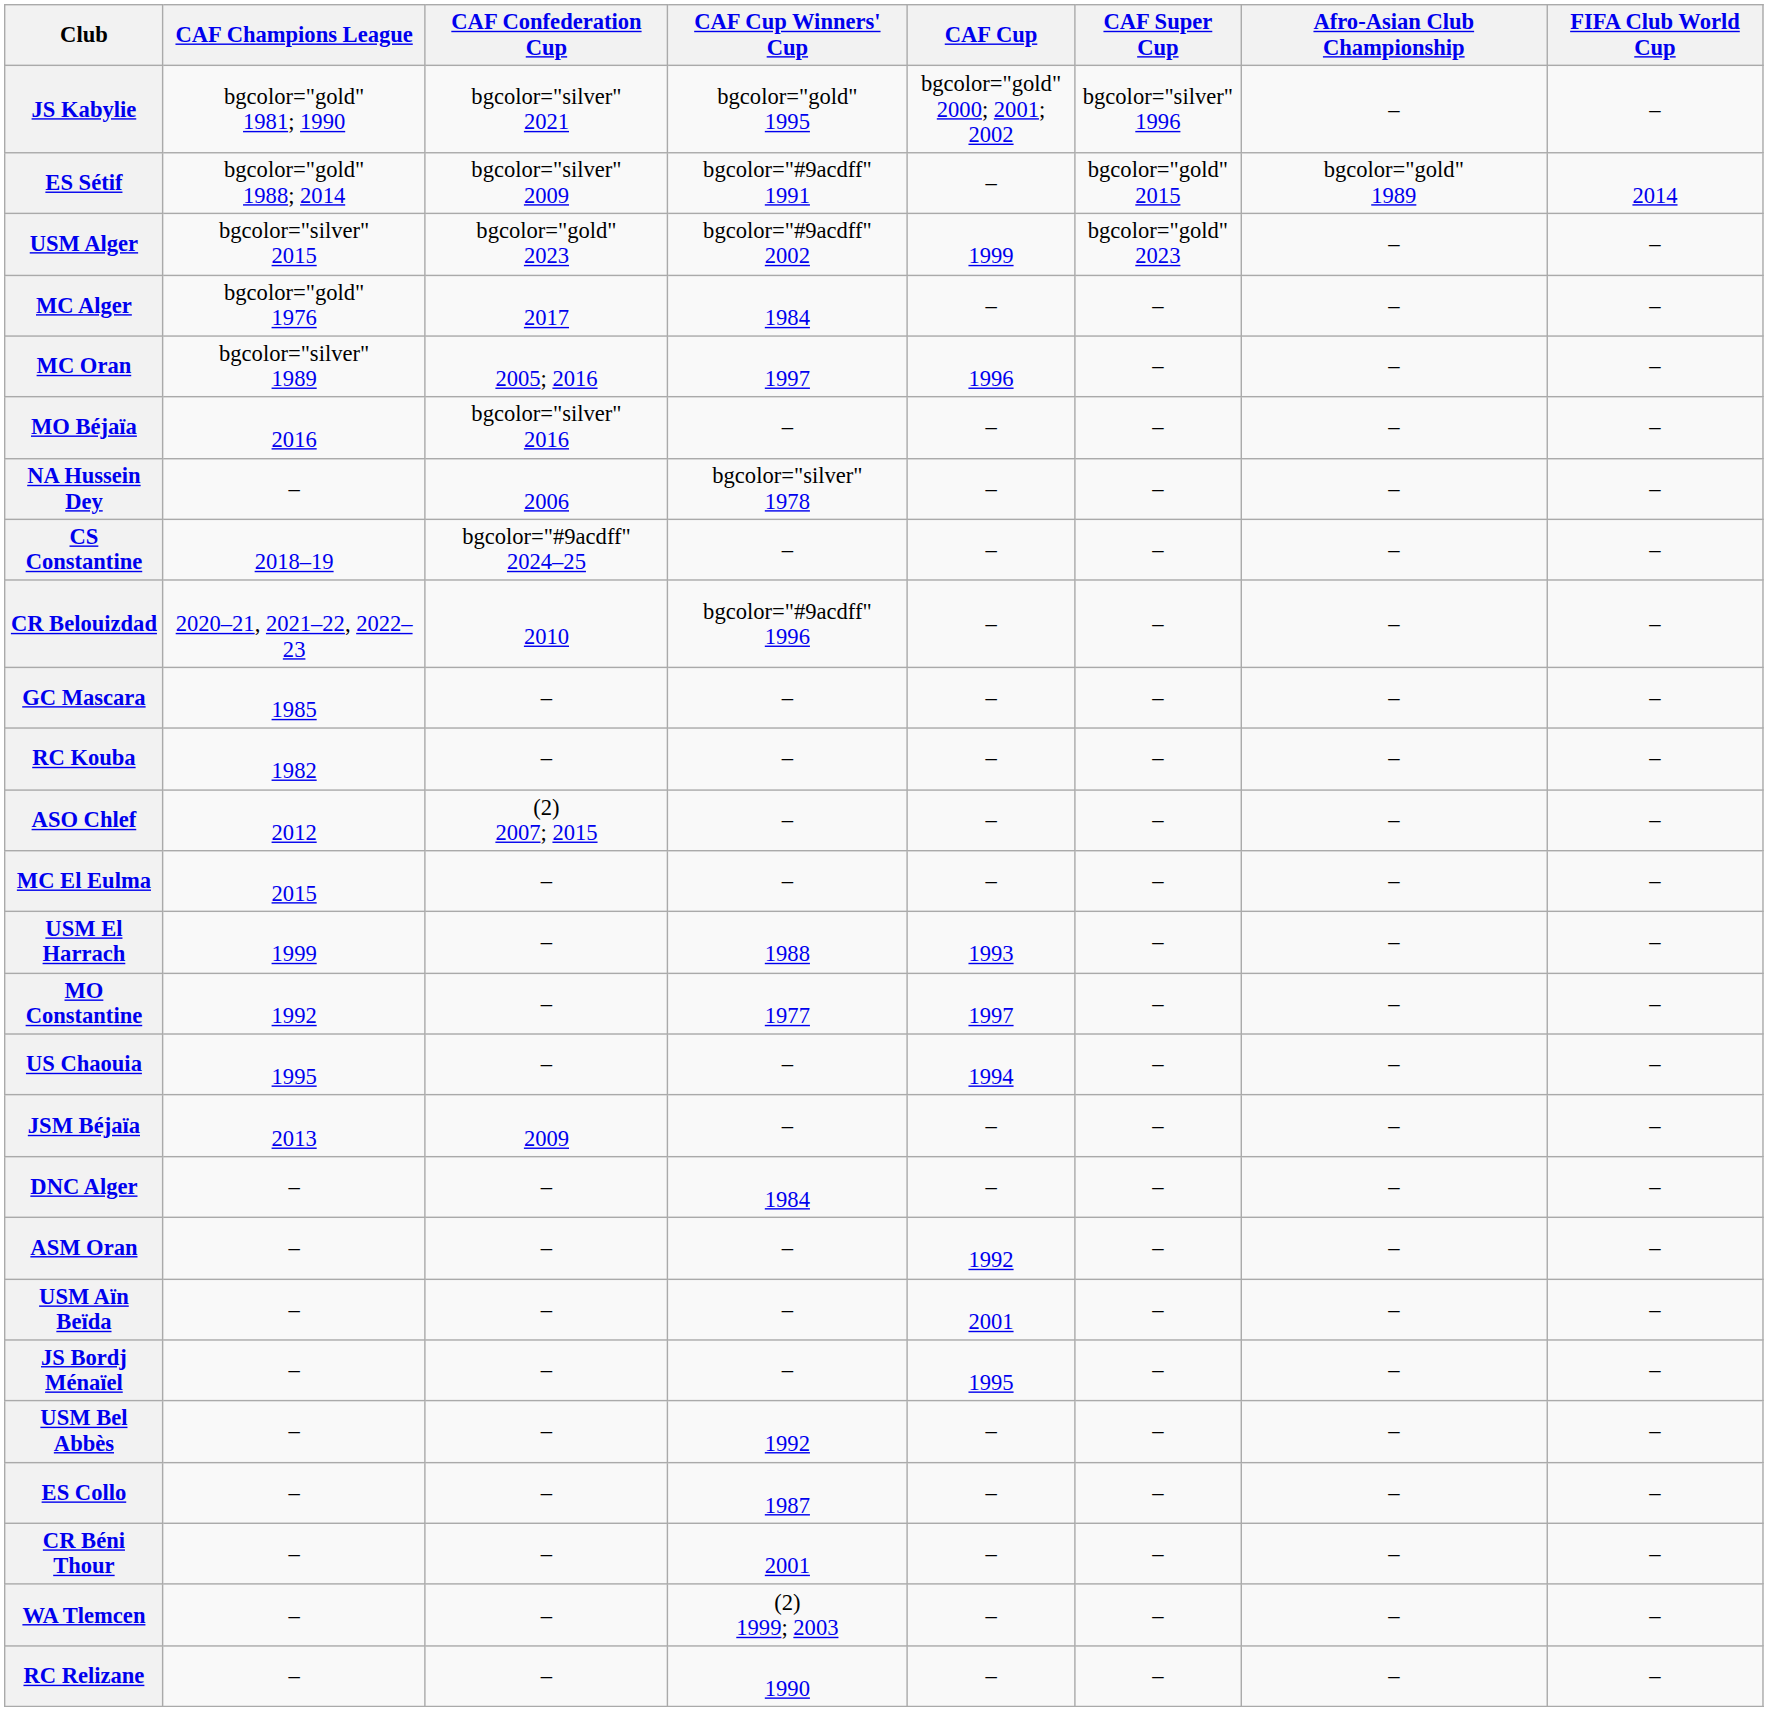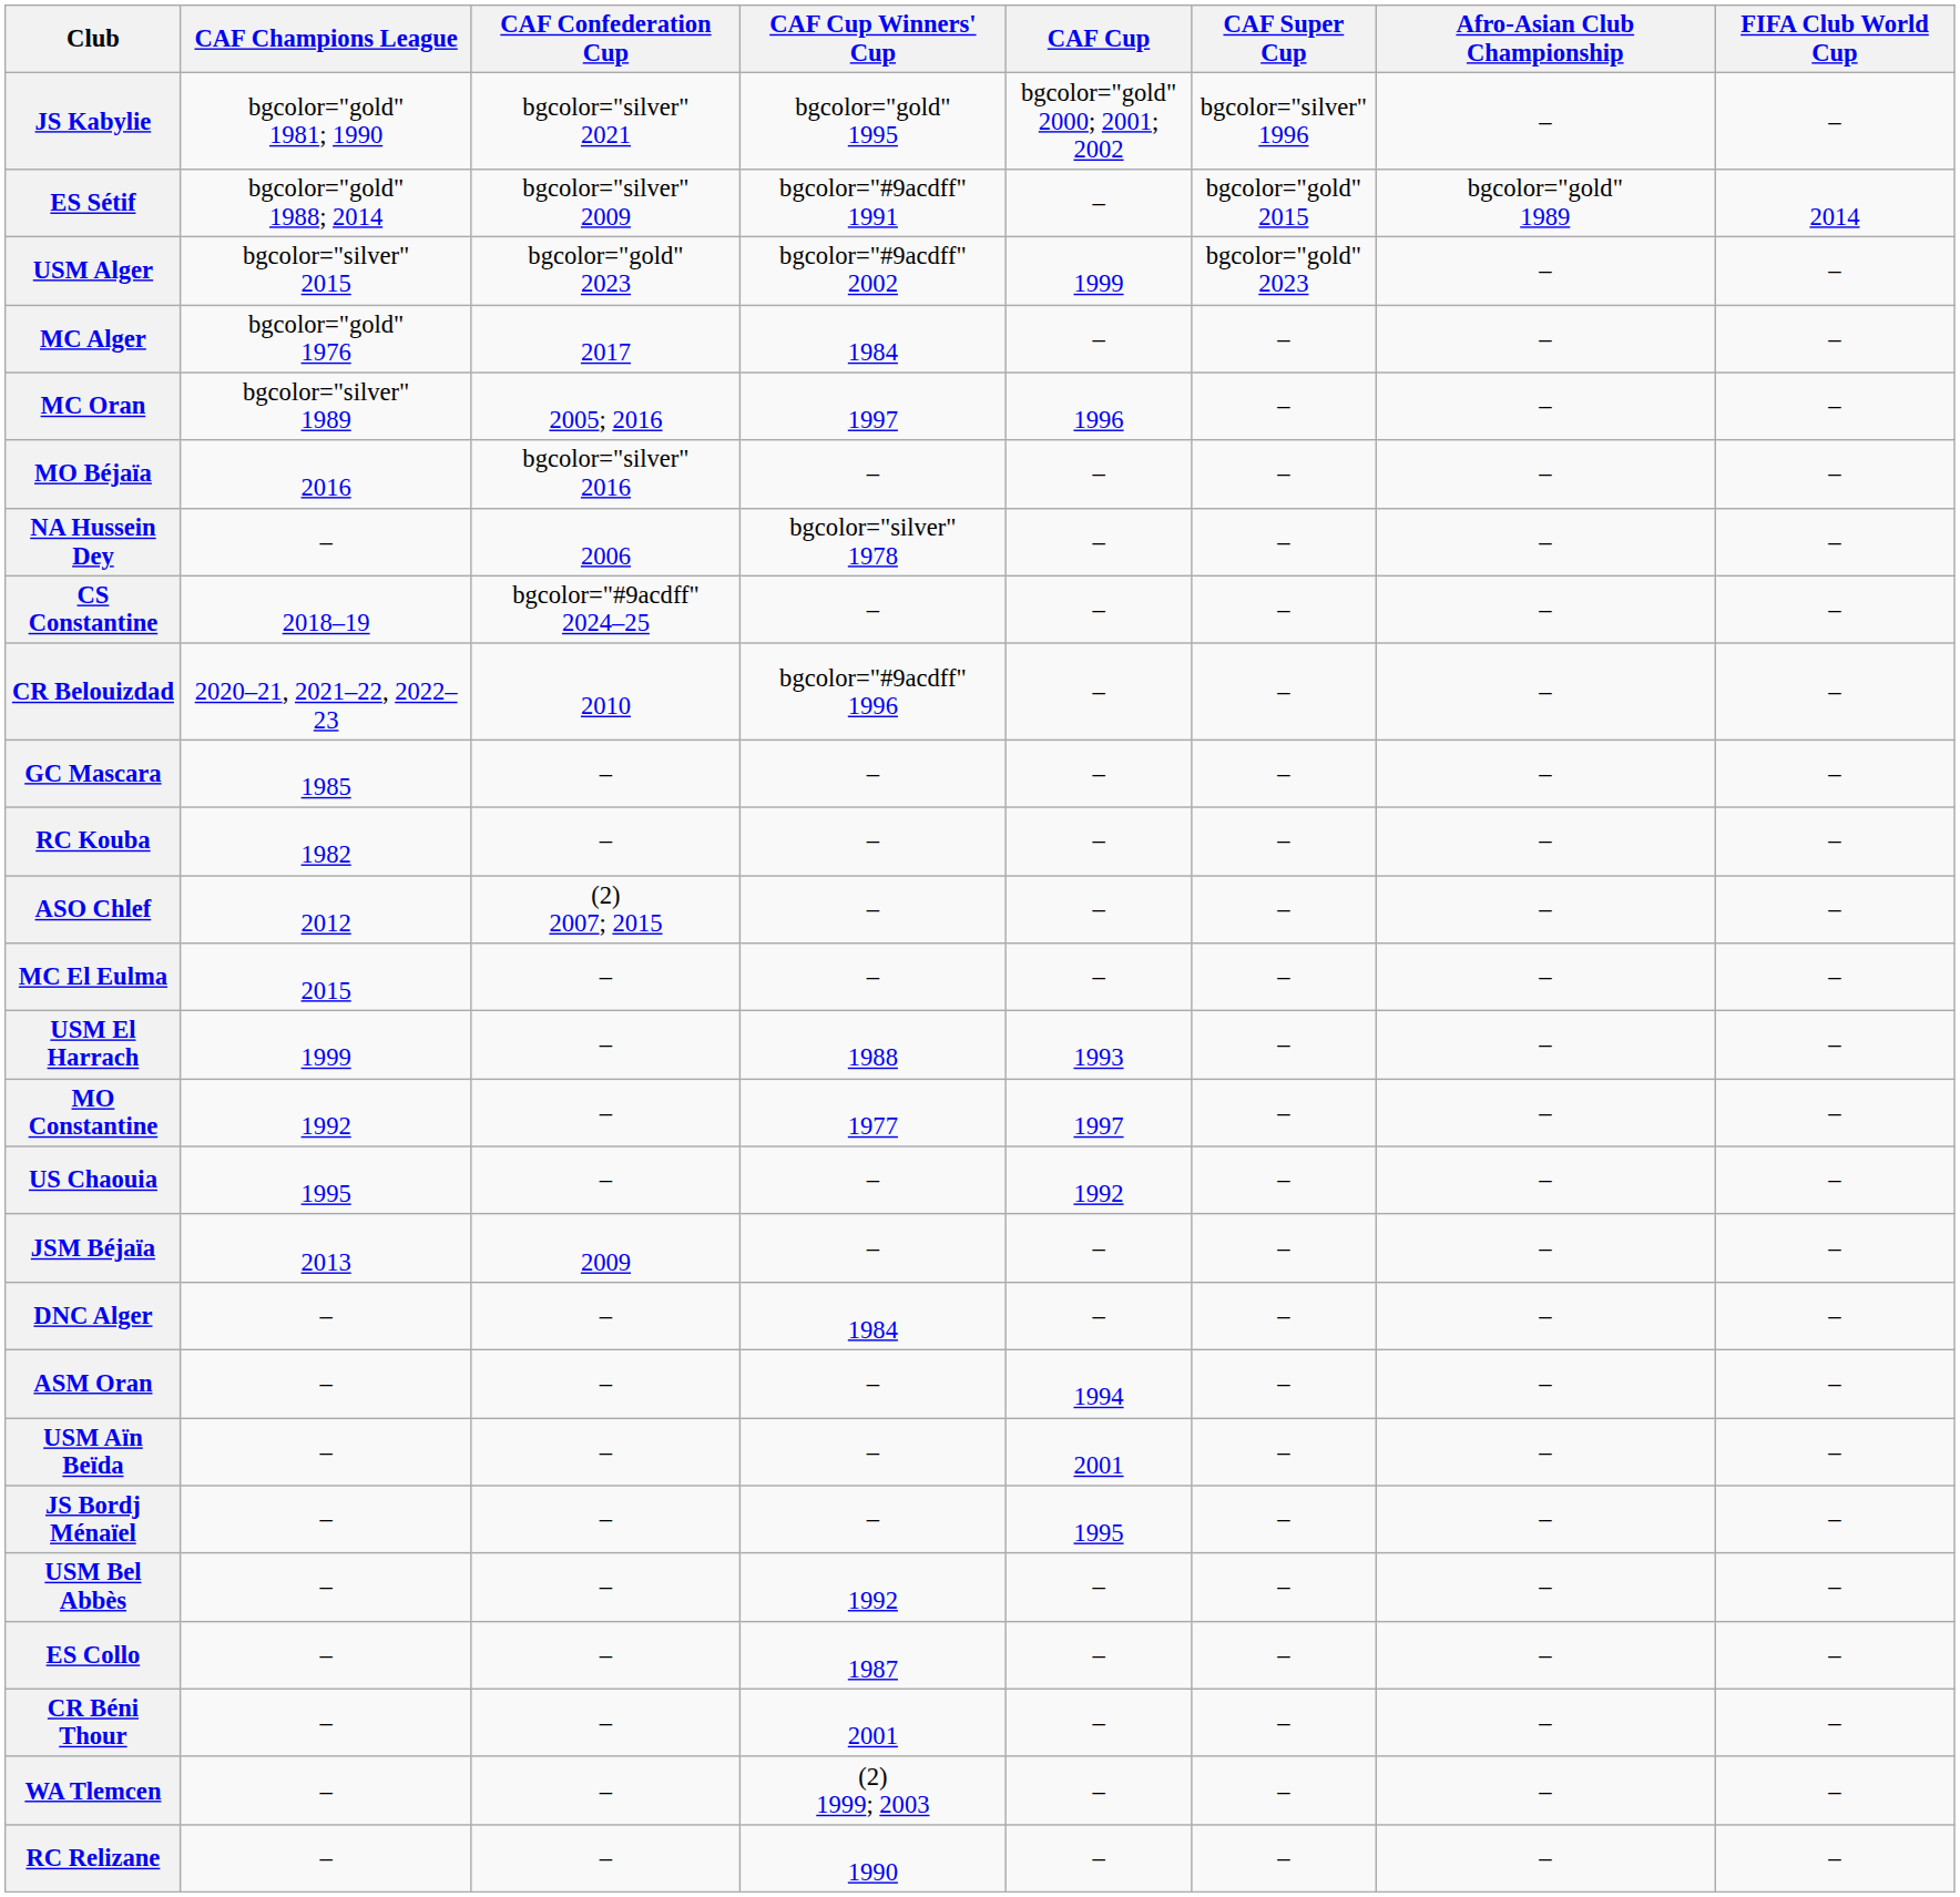 <table class="wikitable sortable plainrowheaders" style="text-align: center;">
 <tr>
 <th scope="col" width="105">Club</th>
 <th scope="col"><a href='#'>CAF Champions League</a></th>
 <th scope="col"><a href='#'>CAF Confederation Cup</a></th>
 <th scope="col"><a href='#'>CAF Cup Winners' Cup</a></th>
 <th scope="col"><a href='#'>CAF Cup</a></th>
 <th scope="col"><a href='#'>CAF Super Cup</a></th>
 <th scope="col"><a href='#'>Afro-Asian Club Championship</a></th>
 <th scope="col"><a href='#'>FIFA Club World Cup</a></th>
 </tr>
 <tr>
 <th scope=row><a href='#'>JS Kabylie</a></th>
 <td>bgcolor="gold"  <br> <a href='#'>1981</a>; <a href='#'>1990</a></td>
 <td>bgcolor="silver"  <br> <a href='#'>2021</a></td>
 <td>bgcolor="gold"  <br> <a href='#'>1995</a></td>
 <td>bgcolor="gold"  <br> <a href='#'>2000</a>; <a href='#'>2001</a>; <a href='#'>2002</a></td>
 <td>bgcolor="silver"  <br> <a href='#'>1996</a></td>
 <td>–</td>
 <td>–</td>
 </tr>
 <tr>
 <th scope=row><a href='#'>ES Sétif</a></th>
 <td>bgcolor="gold"  <br> <a href='#'>1988</a>; <a href='#'>2014</a></td>
 <td>bgcolor="silver"  <br> <a href='#'>2009</a></td>
 <td>bgcolor="#9acdff"  <br> <a href='#'>1991</a></td>
 <td>–</td>
 <td>bgcolor="gold"  <br> <a href='#'>2015</a></td>
 <td>bgcolor="gold"  <br> <a href='#'>1989</a></td>
 <td> <br> <a href='#'>2014</a></td>
 </tr>
 <tr>
 <th scope=row><a href='#'>USM Alger</a></th>
 <td>bgcolor="silver"  <br> <a href='#'>2015</a></td>
 <td>bgcolor="gold"  <br> <a href='#'>2023</a></td>
 <td>bgcolor="#9acdff"  <br> <a href='#'>2002</a></td>
 <td> <br> <a href='#'>1999</a></td>
 <td>bgcolor="gold"  <br> <a href='#'>2023</a></td>
 <td>–</td>
 <td>–</td>
 </tr>
 <tr>
 <th scope=row><a href='#'>MC Alger</a></th>
 <td>bgcolor="gold"  <br> <a href='#'>1976</a></td>
 <td> <br> <a href='#'>2017</a></td>
 <td> <br> <a href='#'>1984</a></td>
 <td>–</td>
 <td>–</td>
 <td>–</td>
 <td>–</td>
 </tr>
 <tr>
 <th scope=row><a href='#'>MC Oran</a></th>
 <td>bgcolor="silver"  <br> <a href='#'>1989</a></td>
 <td> <br> <a href='#'>2005</a>; <a href='#'>2016</a></td>
 <td> <br> <a href='#'>1997</a></td>
 <td> <br> <a href='#'>1996</a></td>
 <td>–</td>
 <td>–</td>
 <td>–</td>
 </tr>
 <tr>
 <th scope=row><a href='#'>MO Béjaïa</a></th>
 <td> <br> <a href='#'>2016</a></td>
 <td>bgcolor="silver"  <br> <a href='#'>2016</a></td>
 <td>–</td>
 <td>–</td>
 <td>–</td>
 <td>–</td>
 <td>–</td>
 </tr>
 <tr>
 <th scope=row><a href='#'>NA Hussein Dey</a></th>
 <td>–</td>
 <td> <br> <a href='#'>2006</a></td>
 <td>bgcolor="silver"  <br> <a href='#'>1978</a></td>
 <td>–</td>
 <td>–</td>
 <td>–</td>
 <td>–</td>
 </tr>
 <tr>
 <th scope=row><a href='#'>CS Constantine</a></th>
 <td> <br> <a href='#'>2018–19</a></td>
 <td>bgcolor="#9acdff"  <br> <a href='#'>2024–25</a></td>
 <td>–</td>
 <td>–</td>
 <td>–</td>
 <td>–</td>
 <td>–</td>
 </tr>
 <tr>
 <th scope=row><a href='#'>CR Belouizdad</a></th>
 <td> <br> <a href='#'>2020–21</a>, <a href='#'>2021–22</a>, <a href='#'>2022–23</a></td>
 <td> <br> <a href='#'>2010</a></td>
 <td>bgcolor="#9acdff"  <br> <a href='#'>1996</a></td>
 <td>–</td>
 <td>–</td>
 <td>–</td>
 <td>–</td>
 </tr>
 <tr>
 <th scope=row><a href='#'>GC Mascara</a></th>
 <td> <br> <a href='#'>1985</a></td>
 <td>–</td>
 <td>–</td>
 <td>–</td>
 <td>–</td>
 <td>–</td>
 <td>–</td>
 </tr>
 <tr>
 <th scope=row><a href='#'>RC Kouba</a></th>
 <td> <br> <a href='#'>1982</a></td>
 <td>–</td>
 <td>–</td>
 <td>–</td>
 <td>–</td>
 <td>–</td>
 <td>–</td>
 </tr>
 <tr>
 <th scope=row><a href='#'>ASO Chlef</a></th>
 <td> <br> <a href='#'>2012</a></td>
 <td> (2) <br> <a href='#'>2007</a>; <a href='#'>2015</a></td>
 <td>–</td>
 <td>–</td>
 <td>–</td>
 <td>–</td>
 <td>–</td>
 </tr>
 <tr>
 <th scope=row><a href='#'>MC El Eulma</a></th>
 <td> <br> <a href='#'>2015</a></td>
 <td>–</td>
 <td>–</td>
 <td>–</td>
 <td>–</td>
 <td>–</td>
 <td>–</td>
 </tr>
 <tr>
 <th scope=row><a href='#'>USM El Harrach</a></th>
 <td> <br> <a href='#'>1999</a></td>
 <td>–</td>
 <td> <br> <a href='#'>1988</a></td>
 <td> <br> <a href='#'>1993</a></td>
 <td>–</td>
 <td>–</td>
 <td>–</td>
 </tr>
 <tr>
 <th scope=row><a href='#'>MO Constantine</a></th>
 <td> <br> <a href='#'>1992</a></td>
 <td>–</td>
 <td> <br> <a href='#'>1977</a></td>
 <td> <br> <a href='#'>1997</a></td>
 <td>–</td>
 <td>–</td>
 <td>–</td>
 </tr>
 <tr>
 <th scope=row><a href='#'>US Chaouia</a></th>
 <td> <br> <a href='#'>1995</a></td>
 <td>–</td>
 <td>–</td>
-<td> <br> <a href='#'>1994</a></td>
+<td> <br> <a href='#'>1992</a></td>
 <td>–</td>
 <td>–</td>
 <td>–</td>
 </tr>
 <tr>
 <th scope=row><a href='#'>JSM Béjaïa</a></th>
 <td> <br> <a href='#'>2013</a></td>
 <td> <br> <a href='#'>2009</a></td>
 <td>–</td>
 <td>–</td>
 <td>–</td>
 <td>–</td>
 <td>–</td>
 </tr>
 <tr>
 <th scope=row><a href='#'>DNC Alger</a></th>
 <td>–</td>
 <td>–</td>
 <td> <br> <a href='#'>1984</a></td>
 <td>–</td>
 <td>–</td>
 <td>–</td>
 <td>–</td>
 </tr>
 <tr>
 <th scope=row><a href='#'>ASM Oran</a></th>
 <td>–</td>
 <td>–</td>
 <td>–</td>
-<td> <br> <a href='#'>1992</a></td>
+<td> <br> <a href='#'>1994</a></td>
 <td>–</td>
 <td>–</td>
 <td>–</td>
 </tr>
 <tr>
 <th scope=row><a href='#'>USM Aïn Beïda</a></th>
 <td>–</td>
 <td>–</td>
 <td>–</td>
 <td> <br> <a href='#'>2001</a></td>
 <td>–</td>
 <td>–</td>
 <td>–</td>
 </tr>
 <tr>
 <th scope=row><a href='#'>JS Bordj Ménaïel</a></th>
 <td>–</td>
 <td>–</td>
 <td>–</td>
 <td> <br> <a href='#'>1995</a></td>
 <td>–</td>
 <td>–</td>
 <td>–</td>
 </tr>
 <tr>
 <th scope=row><a href='#'>USM Bel Abbès</a></th>
 <td>–</td>
 <td>–</td>
 <td> <br> <a href='#'>1992</a></td>
 <td>–</td>
 <td>–</td>
 <td>–</td>
 <td>–</td>
 </tr>
 <tr>
 <th scope=row><a href='#'>ES Collo</a></th>
 <td>–</td>
 <td>–</td>
 <td> <br> <a href='#'>1987</a></td>
 <td>–</td>
 <td>–</td>
 <td>–</td>
 <td>–</td>
 </tr>
 <tr>
 <th scope=row><a href='#'>CR Béni Thour</a></th>
 <td>–</td>
 <td>–</td>
 <td> <br> <a href='#'>2001</a></td>
 <td>–</td>
 <td>–</td>
 <td>–</td>
 <td>–</td>
 </tr>
 <tr>
 <th scope=row><a href='#'>WA Tlemcen</a></th>
 <td>–</td>
 <td>–</td>
 <td> (2) <br> <a href='#'>1999</a>; <a href='#'>2003</a></td>
 <td>–</td>
 <td>–</td>
 <td>–</td>
 <td>–</td>
 </tr>
 <tr>
 <th scope=row><a href='#'>RC Relizane</a></th>
 <td>–</td>
 <td>–</td>
 <td> <br> <a href='#'>1990</a></td>
 <td>–</td>
 <td>–</td>
 <td>–</td>
 <td>–</td>
 </tr>
 <tr>
 </tr>
 </table>
